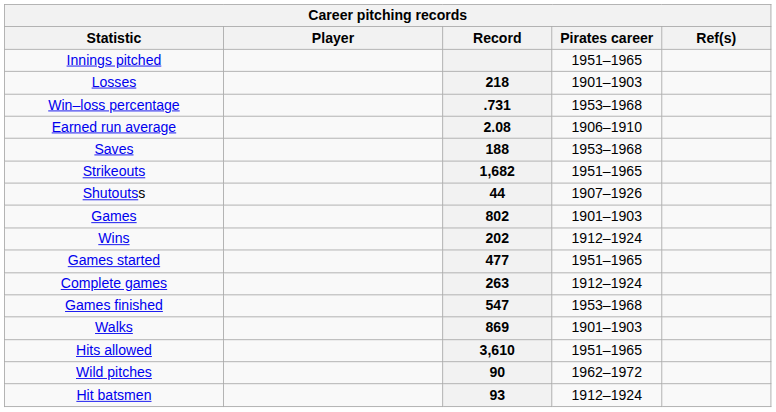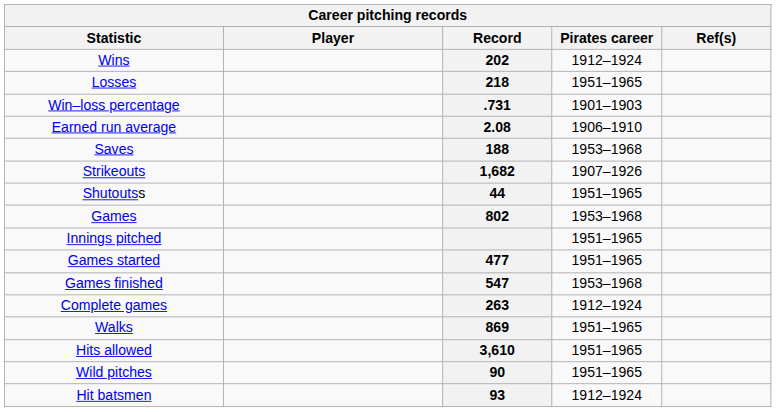 <table class="wikitable sortable" style="text-align:center" width="69%">
 <tr>
 <th colspan=5>Career pitching records</th>
 </tr>
 <tr>
 <th scope="col" width=20%>Statistic</th>
 <th scope="col" width=20%>Player</th>
 <th scope="col" width=10% class="unsortable">Record</th>
 <th scope="col" width=10%>Pirates career</th>
 <th scope="col" width=10% class="unsortable">Ref(s)</th>
 </tr>
 <tr>
-<td><a href='#'>Innings pitched</a></td>
+<td><a href='#'>Wins</a></td>
 <td></td>
-<th scope="row"></th>
-<td>1951–1965</td>
+<th scope="row">202</th>
+<td>1912–1924</td>
 <td></td>
 </tr>
 <tr>
 <td><a href='#'>Losses</a></td>
 <td></td>
 <th scope="row">218</th>
-<td>1901–1903</td>
+<td>1951–1965</td>
 <td></td>
 </tr>
 <tr>
 <td><a href='#'>Win–loss percentage</a></td>
 <td></td>
 <th scope="row">.731</th>
-<td>1953–1968</td>
+<td>1901–1903</td>
 <td></td>
 </tr>
 <tr>
 <td><a href='#'>Earned run average</a></td>
 <td></td>
 <th scope="row">2.08</th>
 <td>1906–1910</td>
 <td></td>
 </tr>
 <tr>
 <td><a href='#'>Saves</a></td>
 <td></td>
 <th scope="row">188</th>
 <td>1953–1968</td>
 <td></td>
 </tr>
 <tr>
 <td><a href='#'>Strikeouts</a></td>
 <td></td>
 <th scope="row">1,682</th>
-<td>1951–1965</td>
+<td>1907–1926</td>
 <td></td>
 </tr>
 <tr>
 <td><a href='#'>Shutouts</a>s</td>
 <td></td>
 <th scope="row">44</th>
-<td>1907–1926</td>
+<td>1951–1965</td>
 <td></td>
 </tr>
 <tr>
 <td><a href='#'>Games</a></td>
 <td></td>
 <th scope="row">802</th>
-<td>1901–1903</td>
+<td>1953–1968</td>
 <td></td>
 </tr>
 <tr>
-<td><a href='#'>Wins</a></td>
+<td><a href='#'>Innings pitched</a></td>
 <td></td>
-<th scope="row">202</th>
-<td>1912–1924</td>
+<th scope="row"></th>
+<td>1951–1965</td>
 <td></td>
 </tr>
 <tr>
 <td><a href='#'>Games started</a></td>
 <td></td>
 <th scope="row">477</th>
 <td>1951–1965</td>
 <td></td>
 </tr>
 <tr>
+<td><a href='#'>Games finished</a></td>
+<td></td>
+<th scope="row">547</th>
+<td>1953–1968</td>
+<td></td>
+</tr>
+<tr>
 <td><a href='#'>Complete games</a></td>
 <td></td>
 <th scope="row">263</th>
 <td>1912–1924</td>
 <td></td>
 </tr>
 <tr>
-<td><a href='#'>Games finished</a></td>
-<td></td>
-<th scope="row">547</th>
-<td>1953–1968</td>
-<td></td>
-</tr>
-<tr>
 <td><a href='#'>Walks</a></td>
 <td></td>
 <th scope="row">869</th>
-<td>1901–1903</td>
+<td>1951–1965</td>
 <td></td>
 </tr>
 <tr>
 <td><a href='#'>Hits allowed</a></td>
 <td></td>
 <th scope="row">3,610</th>
 <td>1951–1965</td>
 <td></td>
 </tr>
 <tr>
 <td><a href='#'>Wild pitches</a></td>
 <td></td>
 <th scope="row">90</th>
-<td>1962–1972</td>
+<td>1951–1965</td>
 <td></td>
 </tr>
 <tr>
 <td><a href='#'>Hit batsmen</a></td>
 <td></td>
 <th scope="row">93</th>
 <td>1912–1924</td>
 <td></td>
 </tr>
 </table>
